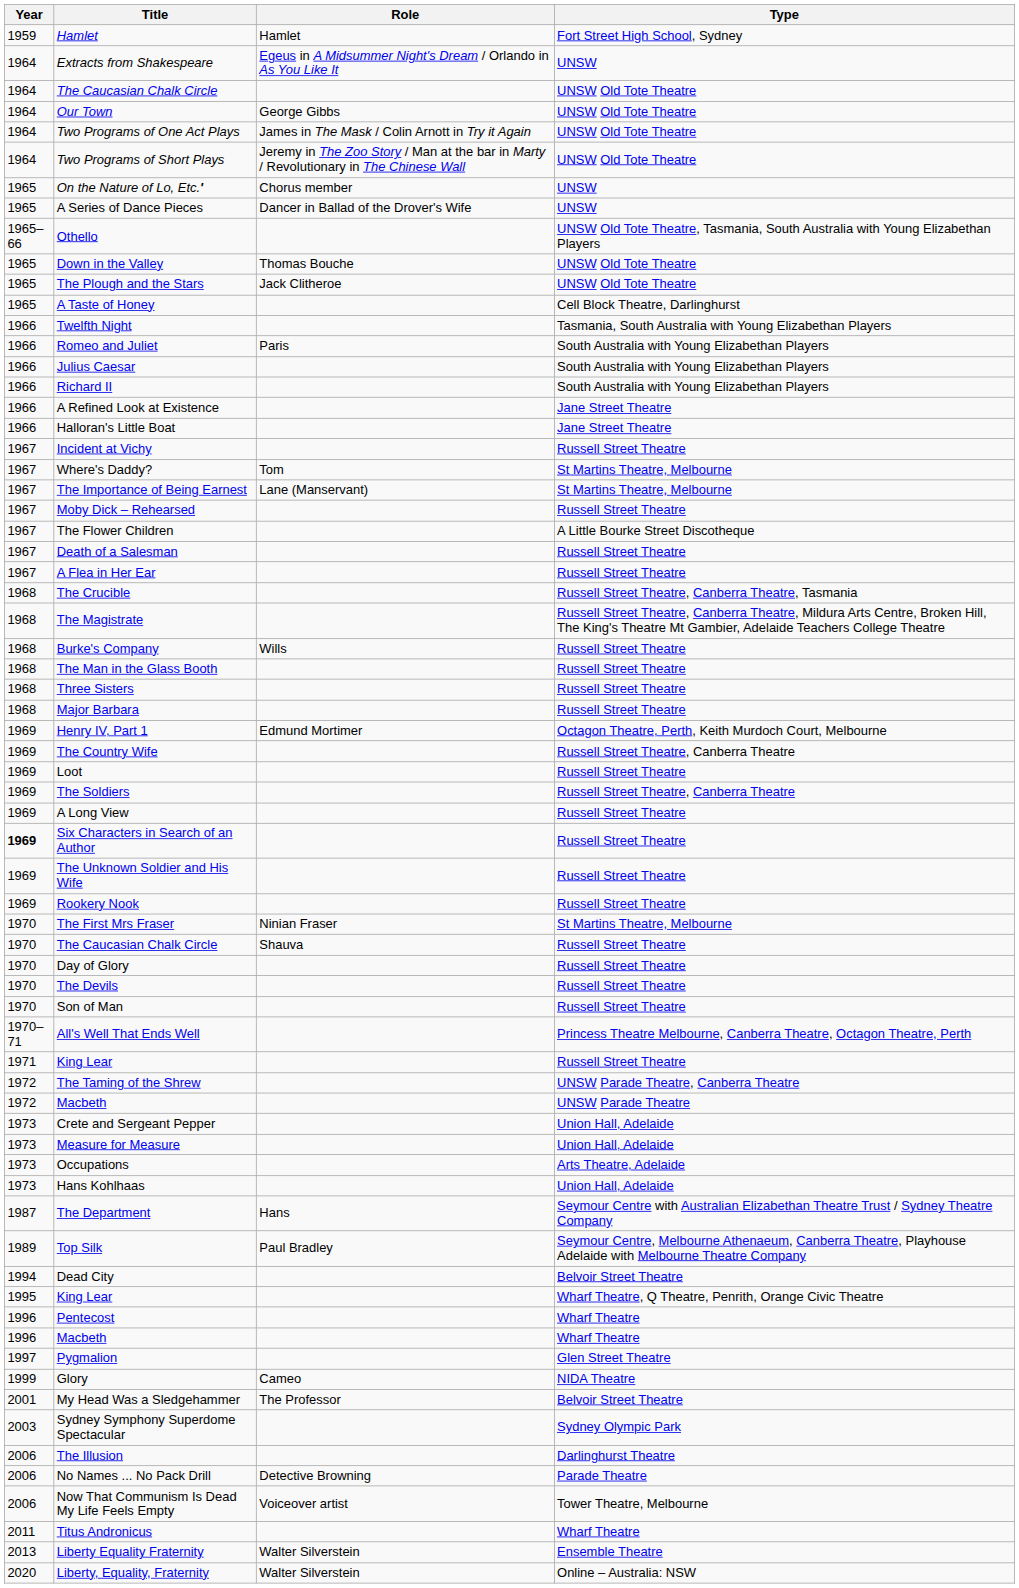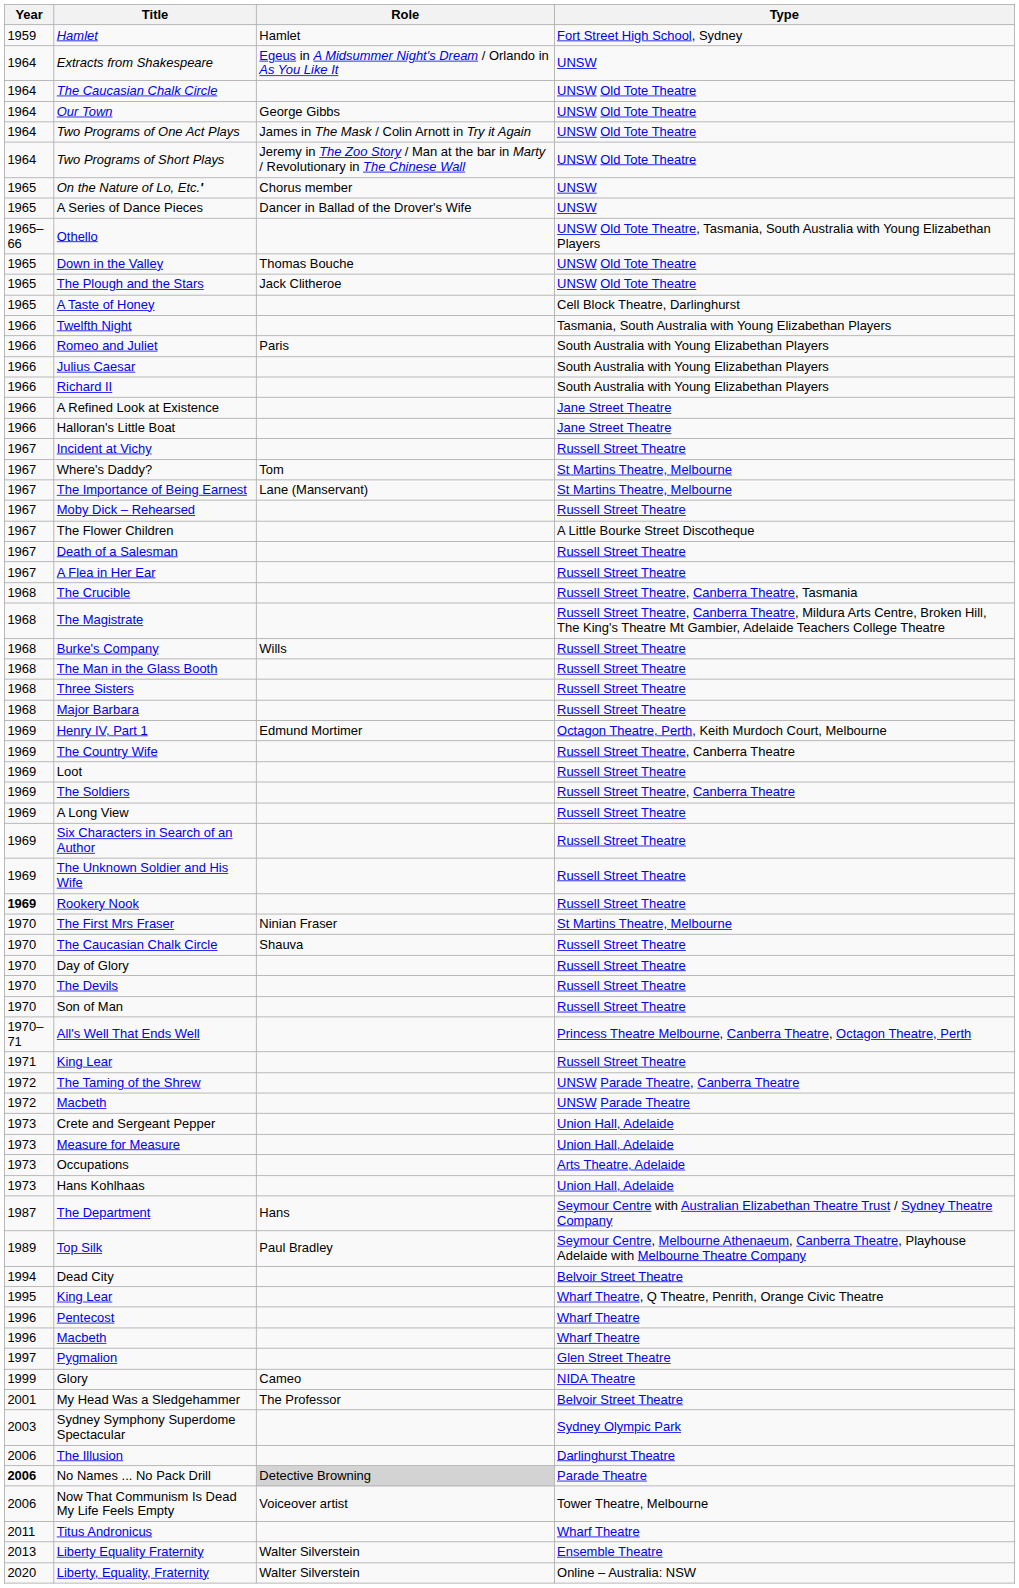 <table class="wikitable">
 <tr>
 <th>Year</th>
 <th>Title</th>
 <th>Role</th>
 <th>Type</th>
 </tr>
 <tr>
 <td>1959</td>
 <td><em><a href='#'>Hamlet</a></em></td>
 <td>Hamlet</td>
 <td><a href='#'>Fort Street High School</a>, Sydney</td>
 </tr>
 <tr>
 <td>1964</td>
 <td><em>Extracts from Shakespeare</em></td>
 <td><a href='#'>Egeus</a> in <em><a href='#'>A Midsummer Night's Dream</a></em> / Orlando in <em><a href='#'>As You Like It</a></em></td>
 <td><a href='#'>UNSW</a></td>
 </tr>
 <tr>
 <td>1964</td>
 <td><em><a href='#'>The Caucasian Chalk Circle</a></em></td>
 <td></td>
 <td><a href='#'>UNSW</a> <a href='#'>Old Tote Theatre</a></td>
 </tr>
 <tr>
 <td>1964</td>
 <td><em><a href='#'>Our Town</a></em></td>
 <td>George Gibbs</td>
 <td><a href='#'>UNSW</a> <a href='#'>Old Tote Theatre</a></td>
 </tr>
 <tr>
 <td>1964</td>
 <td><em>Two Programs of One Act Plays</em></td>
 <td>James in <em>The Mask</em> / Colin Arnott in <em>Try it Again</em></td>
 <td><a href='#'>UNSW</a> <a href='#'>Old Tote Theatre</a></td>
 </tr>
 <tr>
 <td>1964</td>
 <td><em>Two Programs of Short Plays</em></td>
 <td>Jeremy in <em><a href='#'>The Zoo Story</a></em> / Man at the bar in <em>Marty</em> / Revolutionary in <em><a href='#'>The Chinese Wall</a></em></td>
 <td><a href='#'>UNSW</a> <a href='#'>Old Tote Theatre</a></td>
 </tr>
 <tr>
 <td>1965</td>
 <td><em>On the Nature of Lo, Etc.<strong>'</td>
 <td>Chorus member</td>
 <td><a href='#'>UNSW</a></td>
 </tr>
 <tr>
 <td>1965</td>
 <td></em>A Series of Dance Pieces<em></td>
 <td>Dancer in </em>Ballad of the Drover's Wife<em></td>
 <td><a href='#'>UNSW</a></td>
 </tr>
 <tr>
 <td>1965–66</td>
 <td></em><a href='#'>Othello</a><em></td>
 <td></td>
 <td><a href='#'>UNSW</a> <a href='#'>Old Tote Theatre</a>, Tasmania, South Australia with Young Elizabethan Players</td>
 </tr>
 <tr>
 <td>1965</td>
 <td></em><a href='#'>Down in the Valley</a><em></td>
 <td>Thomas Bouche</td>
 <td><a href='#'>UNSW</a> <a href='#'>Old Tote Theatre</a></td>
 </tr>
 <tr>
 <td>1965</td>
 <td></em><a href='#'>The Plough and the Stars</a><em></td>
 <td>Jack Clitheroe</td>
 <td><a href='#'>UNSW</a> <a href='#'>Old Tote Theatre</a></td>
 </tr>
 <tr>
 <td>1965</td>
 <td></em><a href='#'>A Taste of Honey</a><em></td>
 <td></td>
 <td>Cell Block Theatre, Darlinghurst</td>
 </tr>
 <tr>
 <td>1966</td>
 <td></em><a href='#'>Twelfth Night</a><em></td>
 <td></td>
 <td>Tasmania, South Australia with Young Elizabethan Players</td>
 </tr>
 <tr>
 <td>1966</td>
 <td></em><a href='#'>Romeo and Juliet</a><em></td>
 <td>Paris</td>
 <td>South Australia with Young Elizabethan Players</td>
 </tr>
 <tr>
 <td>1966</td>
 <td></em><a href='#'>Julius Caesar</a><em></td>
 <td></td>
 <td>South Australia with Young Elizabethan Players</td>
 </tr>
 <tr>
 <td>1966</td>
 <td></em><a href='#'>Richard II</a><em></td>
 <td></td>
 <td>South Australia with Young Elizabethan Players</td>
 </tr>
 <tr>
 <td>1966</td>
 <td></em>A Refined Look at Existence<em></td>
 <td></td>
 <td><a href='#'>Jane Street Theatre</a></td>
 </tr>
 <tr>
 <td>1966</td>
 <td></em>Halloran's Little Boat<em></td>
 <td></td>
 <td><a href='#'>Jane Street Theatre</a></td>
 </tr>
 <tr>
 <td>1967</td>
 <td></em><a href='#'>Incident at Vichy</a><em></td>
 <td></td>
 <td><a href='#'>Russell Street Theatre</a></td>
 </tr>
 <tr>
 <td>1967</td>
 <td></em>Where's Daddy?<em></td>
 <td>Tom</td>
 <td><a href='#'>St Martins Theatre, Melbourne</a></td>
 </tr>
 <tr>
 <td>1967</td>
 <td></em><a href='#'>The Importance of Being Earnest</a><em></td>
 <td>Lane (Manservant)</td>
 <td><a href='#'>St Martins Theatre, Melbourne</a></td>
 </tr>
 <tr>
 <td>1967</td>
 <td></em><a href='#'>Moby Dick – Rehearsed</a><em></td>
 <td></td>
 <td><a href='#'>Russell Street Theatre</a></td>
 </tr>
 <tr>
 <td>1967</td>
 <td></em>The Flower Children<em></td>
 <td></td>
 <td>A Little Bourke Street Discotheque</td>
 </tr>
 <tr>
 <td>1967</td>
 <td></em><a href='#'>Death of a Salesman</a><em></td>
 <td></td>
 <td><a href='#'>Russell Street Theatre</a></td>
 </tr>
 <tr>
 <td>1967</td>
 <td></em><a href='#'>A Flea in Her Ear</a><em></td>
 <td></td>
 <td><a href='#'>Russell Street Theatre</a></td>
 </tr>
 <tr>
 <td>1968</td>
 <td></em><a href='#'>The Crucible</a><em></td>
 <td></td>
 <td><a href='#'>Russell Street Theatre</a>, <a href='#'>Canberra Theatre</a>, Tasmania</td>
 </tr>
 <tr>
 <td>1968</td>
 <td></em><a href='#'>The Magistrate</a><em></td>
 <td></td>
 <td><a href='#'>Russell Street Theatre</a>, <a href='#'>Canberra Theatre</a>, Mildura Arts Centre, Broken Hill, The King's Theatre Mt Gambier, Adelaide Teachers College Theatre</td>
 </tr>
 <tr>
 <td>1968</td>
 <td></em><a href='#'>Burke's Company</a><em></td>
 <td>Wills</td>
 <td><a href='#'>Russell Street Theatre</a></td>
 </tr>
 <tr>
 <td>1968</td>
 <td></em><a href='#'>The Man in the Glass Booth</a><em></td>
 <td></td>
 <td><a href='#'>Russell Street Theatre</a></td>
 </tr>
 <tr>
 <td>1968</td>
 <td></em><a href='#'>Three Sisters</a><em></td>
 <td></td>
 <td><a href='#'>Russell Street Theatre</a></td>
 </tr>
 <tr>
 <td>1968</td>
 <td></em><a href='#'>Major Barbara</a><em></td>
 <td></td>
 <td><a href='#'>Russell Street Theatre</a></td>
 </tr>
 <tr>
 <td>1969</td>
 <td></em><a href='#'>Henry IV, Part 1</a><em></td>
 <td>Edmund Mortimer</td>
 <td><a href='#'>Octagon Theatre, Perth</a>, Keith Murdoch Court, Melbourne</td>
 </tr>
 <tr>
 <td>1969</td>
 <td></em><a href='#'>The Country Wife</a><em></td>
 <td></td>
 <td><a href='#'>Russell Street Theatre</a>, Canberra Theatre</td>
 </tr>
 <tr>
 <td>1969</td>
 <td></em>Loot<em></td>
 <td></td>
 <td><a href='#'>Russell Street Theatre</a></td>
 </tr>
 <tr>
 <td>1969</td>
 <td></em><a href='#'>The Soldiers</a><em></td>
 <td></td>
 <td><a href='#'>Russell Street Theatre</a>, <a href='#'>Canberra Theatre</a></td>
 </tr>
 <tr>
 <td>1969</td>
 <td></em>A Long View<em></td>
 <td></td>
 <td><a href='#'>Russell Street Theatre</a></td>
 </tr>
 <tr>
-<td><strong>1969</strong></td>
+<td>1969</td>
 <td></em><a href='#'>Six Characters in Search of an Author</a><em></td>
 <td></td>
 <td><a href='#'>Russell Street Theatre</a></td>
 </tr>
 <tr>
 <td>1969</td>
 <td></em><a href='#'>The Unknown Soldier and His Wife</a><em></td>
 <td></td>
 <td><a href='#'>Russell Street Theatre</a></td>
 </tr>
 <tr>
-<td>1969</td>
+<td><strong>1969</strong></td>
 <td></em><a href='#'>Rookery Nook</a><em></td>
 <td></td>
 <td><a href='#'>Russell Street Theatre</a></td>
 </tr>
 <tr>
 <td>1970</td>
 <td></em><a href='#'>The First Mrs Fraser</a><em></td>
 <td>Ninian Fraser</td>
 <td><a href='#'>St Martins Theatre, Melbourne</a></td>
 </tr>
 <tr>
 <td>1970</td>
 <td></em><a href='#'>The Caucasian Chalk Circle</a><em></td>
 <td>Shauva</td>
 <td><a href='#'>Russell Street Theatre</a></td>
 </tr>
 <tr>
 <td>1970</td>
 <td></em>Day of Glory<em></td>
 <td></td>
 <td><a href='#'>Russell Street Theatre</a></td>
 </tr>
 <tr>
 <td>1970</td>
 <td></em><a href='#'>The Devils</a><em></td>
 <td></td>
 <td><a href='#'>Russell Street Theatre</a></td>
 </tr>
 <tr>
 <td>1970</td>
 <td></em>Son of Man<em></td>
 <td></td>
 <td><a href='#'>Russell Street Theatre</a></td>
 </tr>
 <tr>
 <td>1970–71</td>
 <td></em><a href='#'>All's Well That Ends Well</a><em></td>
 <td></td>
 <td><a href='#'>Princess Theatre Melbourne</a>, <a href='#'>Canberra Theatre</a>, <a href='#'>Octagon Theatre, Perth</a></td>
 </tr>
 <tr>
 <td>1971</td>
 <td></em><a href='#'>King Lear</a><em></td>
 <td></td>
 <td><a href='#'>Russell Street Theatre</a></td>
 </tr>
 <tr>
 <td>1972</td>
 <td></em><a href='#'>The Taming of the Shrew</a><em></td>
 <td></td>
 <td><a href='#'>UNSW</a> <a href='#'>Parade Theatre</a>, <a href='#'>Canberra Theatre</a></td>
 </tr>
 <tr>
 <td>1972</td>
 <td></em><a href='#'>Macbeth</a><em></td>
 <td></td>
 <td><a href='#'>UNSW</a> <a href='#'>Parade Theatre</a></td>
 </tr>
 <tr>
 <td>1973</td>
 <td></em>Crete and Sergeant Pepper<em></td>
 <td></td>
 <td><a href='#'>Union Hall, Adelaide</a></td>
 </tr>
 <tr>
 <td>1973</td>
 <td></em><a href='#'>Measure for Measure</a><em></td>
 <td></td>
 <td><a href='#'>Union Hall, Adelaide</a></td>
 </tr>
 <tr>
 <td>1973</td>
 <td></em>Occupations<em></td>
 <td></td>
 <td><a href='#'>Arts Theatre, Adelaide</a></td>
 </tr>
 <tr>
 <td>1973</td>
 <td></em>Hans Kohlhaas<em></td>
 <td></td>
 <td><a href='#'>Union Hall, Adelaide</a></td>
 </tr>
 <tr>
 <td>1987</td>
 <td></em><a href='#'>The Department</a><em></td>
 <td>Hans</td>
 <td><a href='#'>Seymour Centre</a> with <a href='#'>Australian Elizabethan Theatre Trust</a> / <a href='#'>Sydney Theatre Company</a></td>
 </tr>
 <tr>
 <td>1989</td>
 <td></em><a href='#'>Top Silk</a><em></td>
 <td>Paul Bradley</td>
 <td><a href='#'>Seymour Centre</a>, <a href='#'>Melbourne Athenaeum</a>, <a href='#'>Canberra Theatre</a>, Playhouse Adelaide with <a href='#'>Melbourne Theatre Company</a></td>
 </tr>
 <tr>
 <td>1994</td>
 <td></em>Dead City<em></td>
 <td></td>
 <td><a href='#'>Belvoir Street Theatre</a></td>
 </tr>
 <tr>
 <td>1995</td>
 <td></em><a href='#'>King Lear</a><em></td>
 <td></td>
 <td><a href='#'>Wharf Theatre</a>, Q Theatre, Penrith, Orange Civic Theatre</td>
 </tr>
 <tr>
 <td>1996</td>
 <td></em><a href='#'>Pentecost</a><em></td>
 <td></td>
 <td><a href='#'>Wharf Theatre</a></td>
 </tr>
 <tr>
 <td>1996</td>
 <td></em><a href='#'>Macbeth</a><em></td>
 <td></td>
 <td><a href='#'>Wharf Theatre</a></td>
 </tr>
 <tr>
 <td>1997</td>
 <td></em><a href='#'>Pygmalion</a><em></td>
 <td></td>
 <td><a href='#'>Glen Street Theatre</a></td>
 </tr>
 <tr>
 <td>1999</td>
 <td></em>Glory<em></td>
 <td>Cameo</td>
 <td><a href='#'>NIDA Theatre</a></td>
 </tr>
 <tr>
 <td>2001</td>
 <td></em>My Head Was a Sledgehammer<em></td>
 <td>The Professor</td>
 <td><a href='#'>Belvoir Street Theatre</a></td>
 </tr>
 <tr>
 <td>2003</td>
 <td></em>Sydney Symphony Superdome Spectacular<em></td>
 <td></td>
 <td><a href='#'>Sydney Olympic Park</a></td>
 </tr>
 <tr>
 <td>2006</td>
 <td></em><a href='#'>The Illusion</a><em></td>
 <td></td>
 <td><a href='#'>Darlinghurst Theatre</a></td>
 </tr>
 <tr>
-<td>2006</td>
+<td><strong>2006</strong></td>
 <td></em>No Names ... No Pack Drill<em></td>
-<td>Detective Browning</td>
+<td style="background: lightgrey;">Detective Browning</td>
 <td><a href='#'>Parade Theatre</a></td>
 </tr>
 <tr>
 <td>2006</td>
 <td></em>Now That Communism Is Dead My Life Feels Empty<em></td>
 <td>Voiceover artist</td>
 <td>Tower Theatre, Melbourne</td>
 </tr>
 <tr>
 <td>2011</td>
 <td></em><a href='#'>Titus Andronicus</a><em></td>
 <td></td>
 <td><a href='#'>Wharf Theatre</a></td>
 </tr>
 <tr>
 <td>2013</td>
 <td></em><a href='#'>Liberty Equality Fraternity</a><em></td>
 <td>Walter Silverstein</td>
 <td><a href='#'>Ensemble Theatre</a></td>
 </tr>
 <tr>
 <td>2020</td>
 <td></em><a href='#'>Liberty, Equality, Fraternity</a><em></td>
 <td>Walter Silverstein</td>
 <td>Online – Australia: NSW</td>
 </tr>
 </table>
